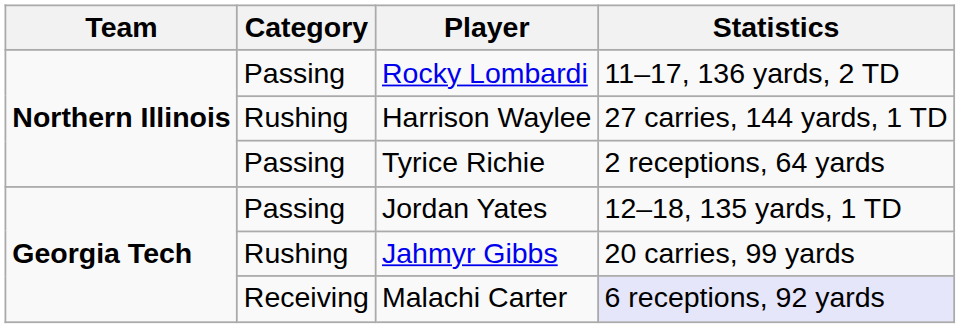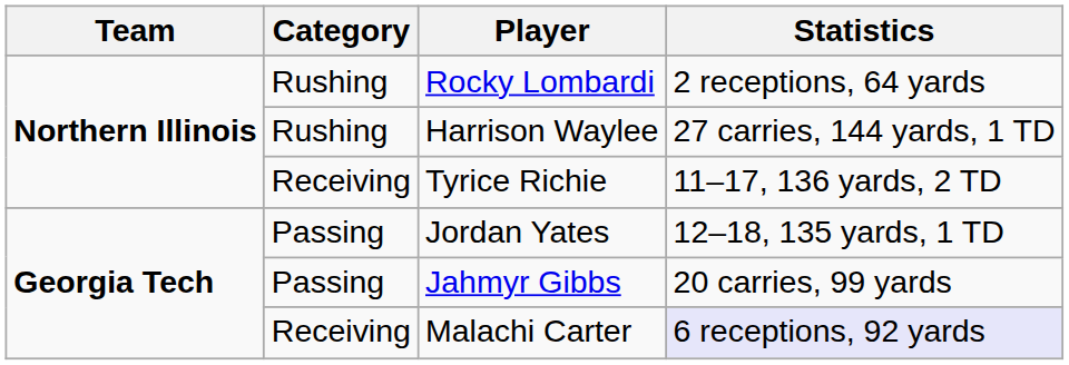 <table class="wikitable" style="float: right;">
 <tr>
 <th>Team</th>
 <th>Category</th>
 <th>Player</th>
 <th>Statistics</th>
 </tr>
 <tr>
 <td rowspan=3><strong>Northern Illinois</strong></td>
-<td>Passing</td>
+<td>Rushing</td>
 <td><a href='#'>Rocky Lombardi</a></td>
-<td>11–17, 136 yards, 2 TD</td>
+<td>2 receptions, 64 yards</td>
 </tr>
 <tr>
 <td>Rushing</td>
 <td>Harrison Waylee</td>
 <td>27 carries, 144 yards, 1 TD</td>
 </tr>
 <tr>
-<td>Passing</td>
+<td>Receiving</td>
 <td>Tyrice Richie</td>
-<td>2 receptions, 64 yards</td>
+<td>11–17, 136 yards, 2 TD</td>
 </tr>
 <tr>
 <td rowspan=3><strong>Georgia Tech</strong></td>
 <td>Passing</td>
 <td>Jordan Yates</td>
 <td>12–18, 135 yards, 1 TD</td>
 </tr>
 <tr>
-<td>Rushing</td>
+<td>Passing</td>
 <td><a href='#'>Jahmyr Gibbs</a></td>
 <td>20 carries, 99 yards</td>
 </tr>
 <tr>
 <td>Receiving</td>
 <td>Malachi Carter</td>
 <td style="background: lavender;">6 receptions, 92 yards</td>
 </tr>
 </table>
